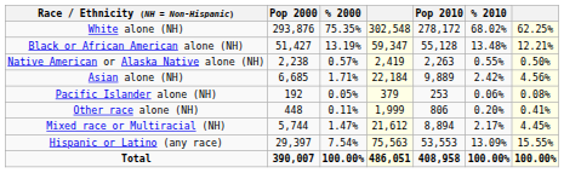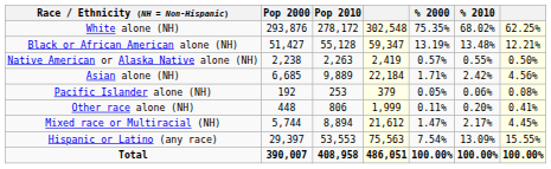 <table class="wikitable" style="text-align:center;">
 <tr>
 <th>Race / Ethnicity <small>(<em>NH = Non-Hispanic</em>)</small></th>
 <th>Pop 2000</th>
+<th>Pop 2010</th>
+<th></th>
 <th>% 2000</th>
-<th></th>
-<th>Pop 2010</th>
 <th>% 2010</th>
 <th></th>
 </tr>
 <tr>
 <td><a href='#'>White</a> alone (NH)</td>
 <td>293,876</td>
+<td>278,172</td>
+<td style='background: #ffffe6;'>302,548</td>
 <td>75.35%</td>
-<td style='background: #ffffe6;'>302,548</td>
-<td>278,172</td>
 <td>68.02%</td>
 <td style='background: #ffffe6;'>62.25%</td>
 </tr>
 <tr>
 <td><a href='#'>Black or African American</a> alone (NH)</td>
 <td>51,427</td>
+<td>55,128</td>
+<td style='background: #ffffe6;'>59,347</td>
 <td>13.19%</td>
-<td style='background: #ffffe6;'>59,347</td>
-<td>55,128</td>
 <td>13.48%</td>
 <td style='background: #ffffe6;'>12.21%</td>
 </tr>
 <tr>
 <td><a href='#'>Native American</a> or <a href='#'>Alaska Native</a> alone (NH)</td>
 <td>2,238</td>
+<td>2,263</td>
+<td style='background: #ffffe6;'>2,419</td>
 <td>0.57%</td>
-<td style='background: #ffffe6;'>2,419</td>
-<td>2,263</td>
 <td>0.55%</td>
 <td style='background: #ffffe6;'>0.50%</td>
 </tr>
 <tr>
 <td><a href='#'>Asian</a> alone (NH)</td>
 <td>6,685</td>
+<td>9,889</td>
+<td style='background: #ffffe6;'>22,184</td>
 <td>1.71%</td>
-<td style='background: #ffffe6;'>22,184</td>
-<td>9,889</td>
 <td>2.42%</td>
 <td style='background: #ffffe6;'>4.56%</td>
 </tr>
 <tr>
 <td><a href='#'>Pacific Islander</a> alone (NH)</td>
 <td>192</td>
+<td>253</td>
+<td style='background: #ffffe6;'>379</td>
 <td>0.05%</td>
-<td style='background: #ffffe6;'>379</td>
-<td>253</td>
 <td>0.06%</td>
 <td style='background: #ffffe6;'>0.08%</td>
 </tr>
 <tr>
 <td><a href='#'>Other race</a> alone (NH)</td>
 <td>448</td>
+<td>806</td>
+<td style='background: #ffffe6;'>1,999</td>
 <td>0.11%</td>
-<td style='background: #ffffe6;'>1,999</td>
-<td>806</td>
 <td>0.20%</td>
 <td style='background: #ffffe6;'>0.41%</td>
 </tr>
 <tr>
 <td><a href='#'>Mixed race or Multiracial</a> (NH)</td>
 <td>5,744</td>
+<td>8,894</td>
+<td style='background: #ffffe6;'>21,612</td>
 <td>1.47%</td>
-<td style='background: #ffffe6;'>21,612</td>
-<td>8,894</td>
 <td>2.17%</td>
 <td style='background: #ffffe6;'>4.45%</td>
 </tr>
 <tr>
 <td><a href='#'>Hispanic or Latino</a> (any race)</td>
 <td>29,397</td>
+<td>53,553</td>
+<td style='background: #ffffe6;'>75,563</td>
 <td>7.54%</td>
-<td style='background: #ffffe6;'>75,563</td>
-<td>53,553</td>
 <td>13.09%</td>
 <td style='background: #ffffe6;'>15.55%</td>
 </tr>
 <tr>
 <td><strong>Total</strong></td>
 <td><strong>390,007</strong></td>
+<td><strong>408,958</strong></td>
+<td style='background: #ffffe6;'><strong>486,051</strong></td>
 <td><strong>100.00%</strong></td>
-<td style='background: #ffffe6;'><strong>486,051</strong></td>
-<td><strong>408,958</strong></td>
 <td><strong>100.00%</strong></td>
 <td style='background: #ffffe6;'><strong>100.00%</strong></td>
 </tr>
 </table>
